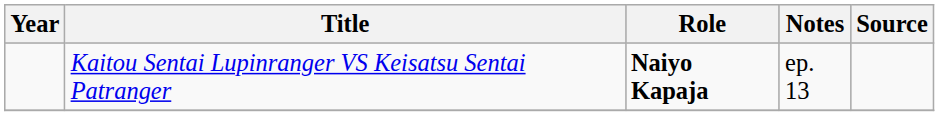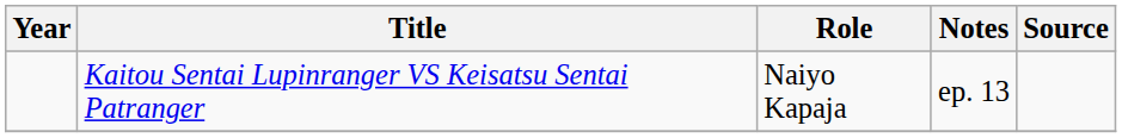 <table class="wikitable sortable plainrowheaders">
 <tr>
 <th>Year</th>
 <th class="unsortable">Title</th>
 <th class="unsortable">Role</th>
 <th class="unsortable">Notes</th>
 <th class="unsortable">Source</th>
 </tr>
 <tr>
 <td></td>
 <td><em><a href='#'>Kaitou Sentai Lupinranger VS Keisatsu Sentai Patranger</a></em></td>
-<td><strong>Naiyo Kapaja</strong></td>
+<td>Naiyo Kapaja</td>
 <td>ep. 13</td>
 <td></td>
 </tr>
 <tr>
 </tr>
 </table>
